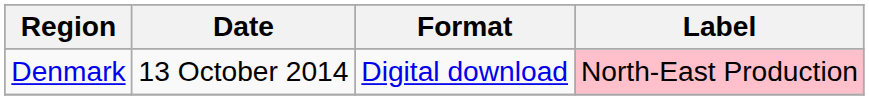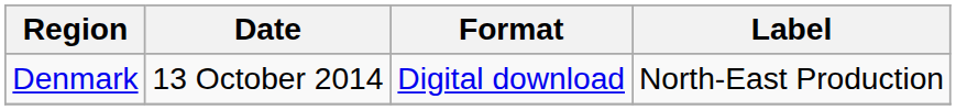 <table class=wikitable>
 <tr>
 <th>Region</th>
 <th>Date</th>
 <th>Format</th>
 <th>Label</th>
 </tr>
 <tr>
 <td><a href='#'>Denmark</a></td>
 <td>13 October 2014</td>
 <td><a href='#'>Digital download</a></td>
-<td style="background: pink;">North-East Production</td>
+<td>North-East Production</td>
 </tr>
 <tr>
 </tr>
 </table>
